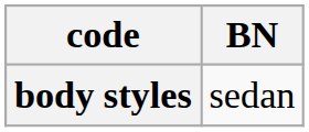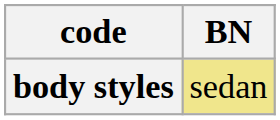 <table class="wikitable">
 <tr>
 <th>code</th>
 <th>BN</th>
 </tr>
 <tr>
 <th>body styles</th>
-<td>sedan</td>
+<td style="background: khaki;">sedan</td>
 </tr>
 </table>
